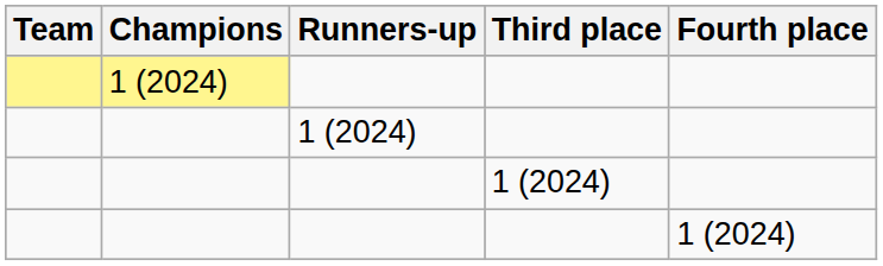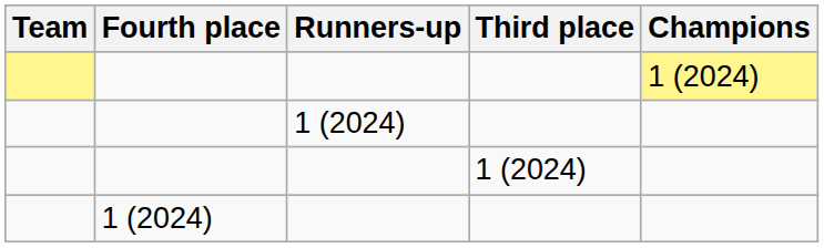 <table class="wikitable sortable">
 <tr>
 <th>Team</th>
-<th>Champions</th>
+<th>Fourth place</th>
 <th>Runners-up</th>
 <th>Third place</th>
-<th>Fourth place</th>
+<th>Champions</th>
 </tr>
 <tr>
 <td style=background:#FFF68F></td>
-<td style=background:#FFF68F>1 (2024)</td>
 <td></td>
 <td></td>
 <td></td>
+<td style=background:#FFF68F>1 (2024)</td>
 </tr>
 <tr>
 <td></td>
 <td></td>
 <td>1 (2024)</td>
 <td></td>
 <td></td>
 </tr>
 <tr>
 <td></td>
 <td></td>
 <td></td>
 <td>1 (2024)</td>
 <td></td>
 </tr>
 <tr>
 <td></td>
+<td>1 (2024)</td>
 <td></td>
 <td></td>
 <td></td>
-<td>1 (2024)</td>
 </tr>
 </table>
